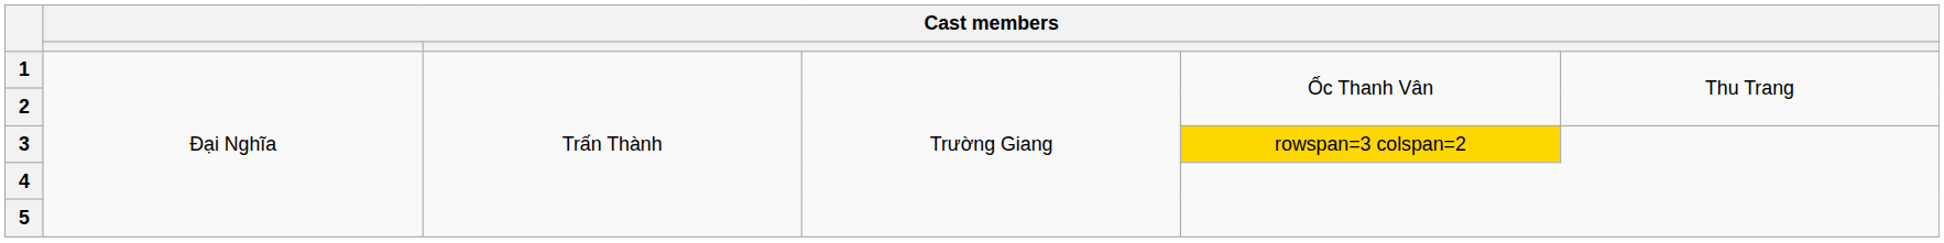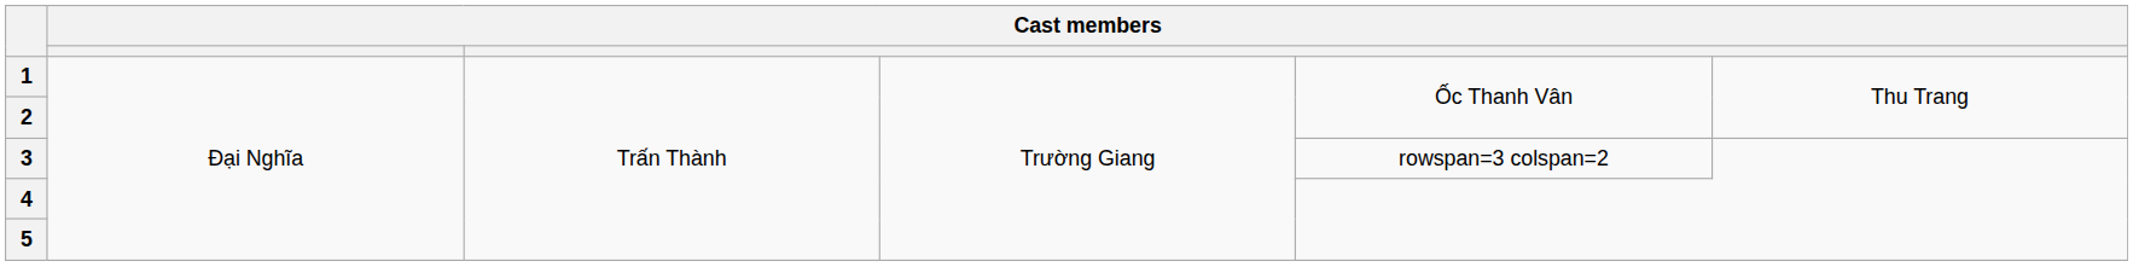 <table class="wikitable plainrowheaders" style="width:100%; text-align:center; line-height:23px;">
 <tr>
 <th rowspan=2 width=1%></th>
 <th colspan=5>Cast members </th>
 </tr>
 <tr>
 <th></th>
 <th colspan=4></th>
 </tr>
 <tr>
 <th>1</th>
 <td rowspan=5 width=10%>Đại Nghĩa</td>
 <td rowspan=5 width=10%>Trấn Thành</td>
 <td rowspan=5 width=10%>Trường Giang</td>
 <td rowspan=2 width=10%>Ốc Thanh Vân</td>
 <td rowspan=2 width=10%>Thu Trang</td>
 </tr>
 <tr>
 <th>2</th>
 </tr>
 <tr>
 <th>3</th>
-<td style="background: gold;">rowspan=3 colspan=2 </td>
+<td>rowspan=3 colspan=2 </td>
 </tr>
 <tr>
 <th>4</th>
 </tr>
 <tr>
 <th>5</th>
 </tr>
 </table>
